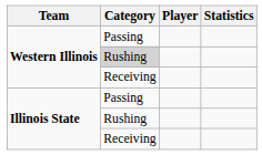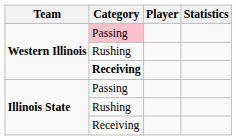 <table class="wikitable" style="float: right;">
 <tr>
 <th>Team</th>
 <th>Category</th>
 <th>Player</th>
 <th>Statistics</th>
 </tr>
 <tr>
 <td rowspan=3><strong>Western Illinois</strong></td>
-<td>Passing</td>
+<td style="background: pink;">Passing</td>
 <td></td>
 <td></td>
 </tr>
 <tr>
-<td style="background: lightgrey;">Rushing</td>
+<td>Rushing</td>
 <td></td>
 <td></td>
 </tr>
 <tr>
-<td>Receiving</td>
+<td><strong>Receiving</strong></td>
 <td></td>
 <td></td>
 </tr>
 <tr>
 <td rowspan=3><strong>Illinois State</strong></td>
 <td>Passing</td>
 <td></td>
 <td></td>
 </tr>
 <tr>
 <td>Rushing</td>
 <td></td>
 <td></td>
 </tr>
 <tr>
 <td>Receiving</td>
 <td></td>
 <td></td>
 </tr>
 </table>
